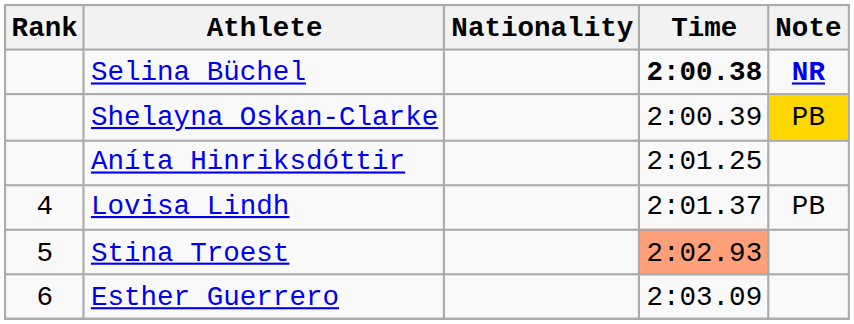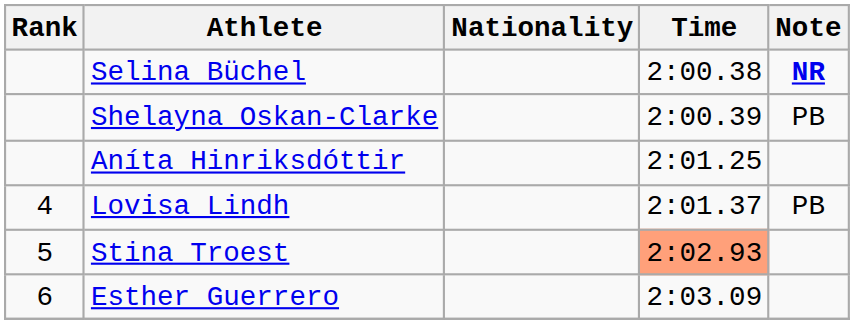 <table class="wikitable sortable" style="text-align:center">
 <tr>
 <th>Rank</th>
 <th>Athlete</th>
 <th>Nationality</th>
 <th>Time</th>
 <th>Note</th>
 </tr>
 <tr>
 <td></td>
 <td align=left><a href='#'>Selina Büchel</a></td>
 <td align=left></td>
-<td><strong>2:00.38</strong></td>
+<td>2:00.38</td>
 <td><strong><a href='#'>NR</a></strong></td>
 </tr>
 <tr>
 <td></td>
 <td align=left><a href='#'>Shelayna Oskan-Clarke</a></td>
 <td align=left></td>
 <td>2:00.39</td>
-<td style="background: gold;">PB</td>
+<td>PB</td>
 </tr>
 <tr>
 <td></td>
 <td align=left><a href='#'>Aníta Hinriksdóttir</a></td>
 <td align=left></td>
 <td>2:01.25</td>
 <td></td>
 </tr>
 <tr>
 <td>4</td>
 <td align=left><a href='#'>Lovisa Lindh</a></td>
 <td align=left></td>
 <td>2:01.37</td>
 <td>PB</td>
 </tr>
 <tr>
 <td>5</td>
 <td align=left><a href='#'>Stina Troest</a></td>
 <td align=left></td>
 <td style="background: lightsalmon;">2:02.93</td>
 <td></td>
 </tr>
 <tr>
 <td>6</td>
 <td align=left><a href='#'>Esther Guerrero</a></td>
 <td align=left></td>
 <td>2:03.09</td>
 <td></td>
 </tr>
 <tr>
 </tr>
 </table>
